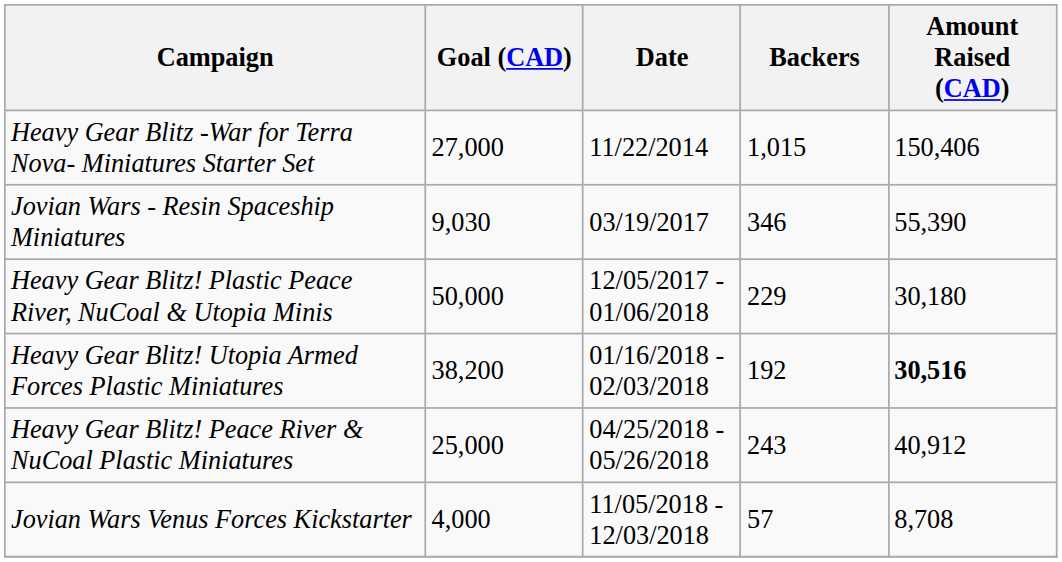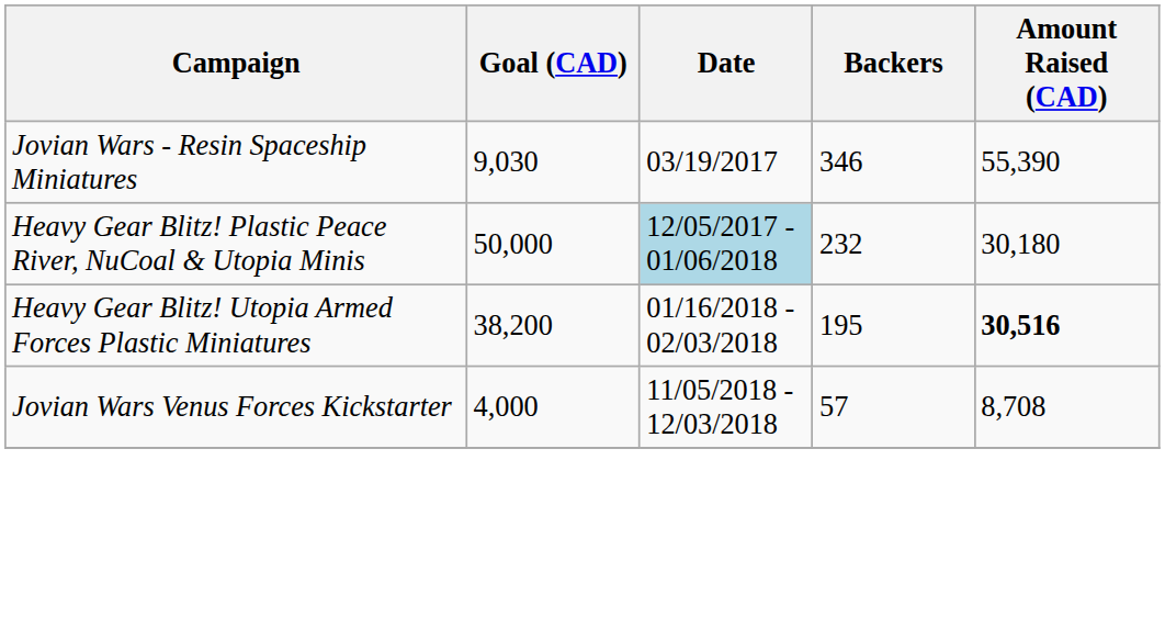 <table class="wikitable sortable" style="margins:auto; width=95%; font-size: 95%;">
 <tr>
 <th width="40%">Campaign</th>
 <th width="15%">Goal (<a href='#'>CAD</a>)</th>
 <th width="15%">Date</th>
 <th width="14%">Backers</th>
 <th width="16%">Amount Raised (<a href='#'>CAD</a>)</th>
-</tr>
-<tr>
-<td><em>Heavy Gear Blitz -War for Terra Nova- Miniatures Starter Set</em></td>
-<td>27,000</td>
-<td>11/22/2014</td>
-<td>1,015</td>
-<td>150,406</td>
 </tr>
 <tr>
 <td><em>Jovian Wars - Resin Spaceship Miniatures</em></td>
 <td>9,030</td>
 <td>03/19/2017</td>
 <td>346</td>
 <td>55,390</td>
 </tr>
 <tr>
 <td><em>Heavy Gear Blitz! Plastic Peace River, NuCoal & Utopia Minis</em></td>
 <td>50,000</td>
-<td>12/05/2017 - 01/06/2018</td>
-<td>229</td>
+<td style="background: lightblue;">12/05/2017 - 01/06/2018</td>
+<td>232</td>
 <td>30,180</td>
 </tr>
 <tr>
 <td><em>Heavy Gear Blitz! Utopia Armed Forces Plastic Miniatures</em></td>
 <td>38,200</td>
 <td>01/16/2018 - 02/03/2018</td>
-<td>192</td>
+<td>195</td>
 <td><strong>30,516</strong></td>
-</tr>
-<tr>
-<td><em>Heavy Gear Blitz! Peace River & NuCoal Plastic Miniatures</em></td>
-<td>25,000</td>
-<td>04/25/2018 - 05/26/2018</td>
-<td>243</td>
-<td>40,912</td>
 </tr>
 <tr>
 <td><em>Jovian Wars Venus Forces Kickstarter</em></td>
 <td>4,000</td>
 <td>11/05/2018 - 12/03/2018</td>
 <td>57</td>
 <td>8,708</td>
 </tr>
 <tr>
 </tr>
 </table>
